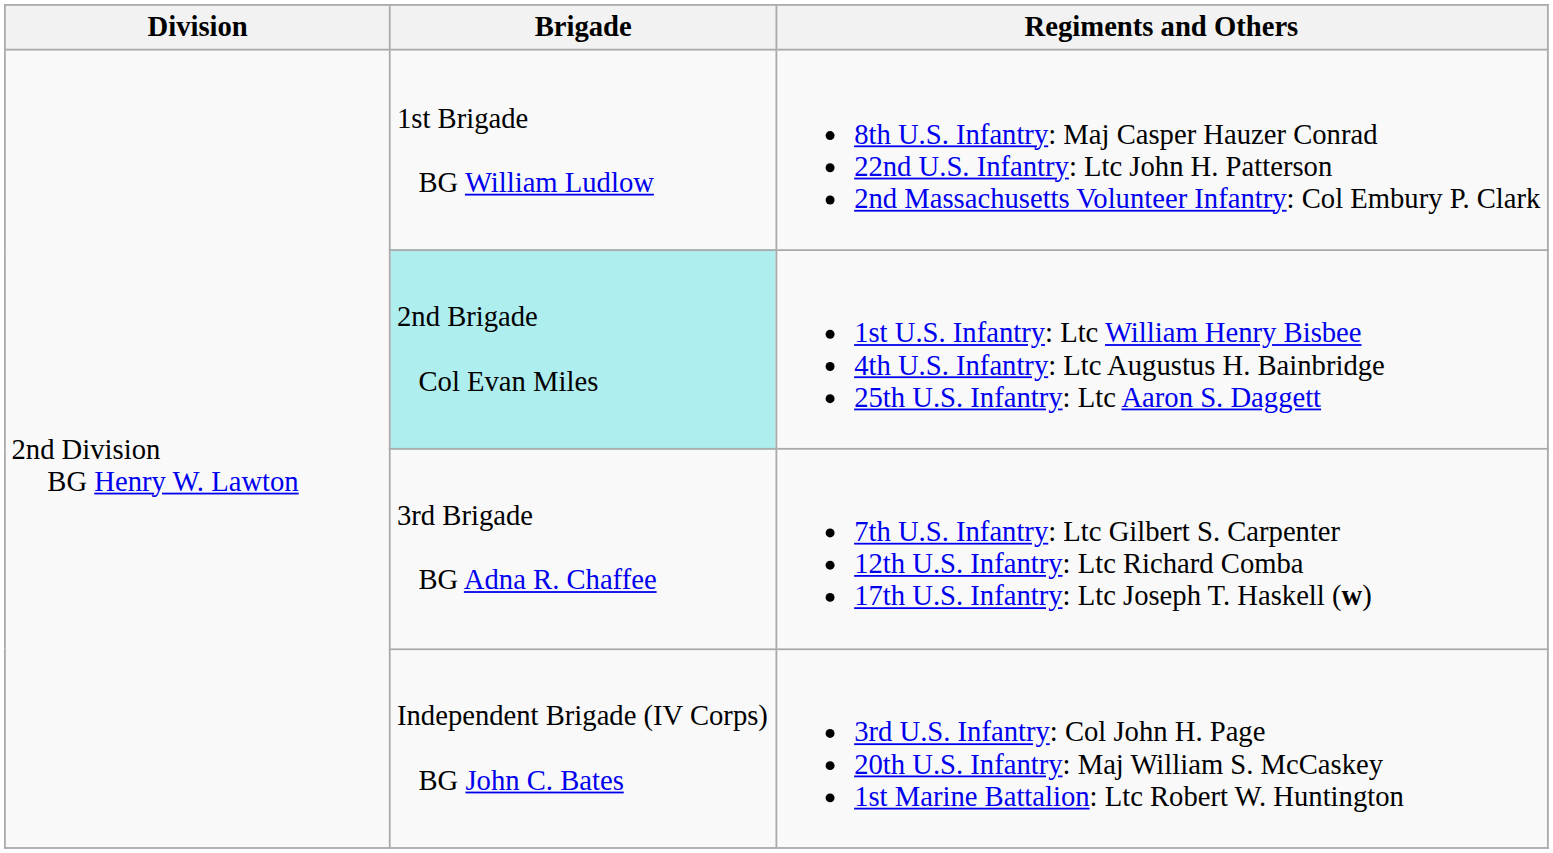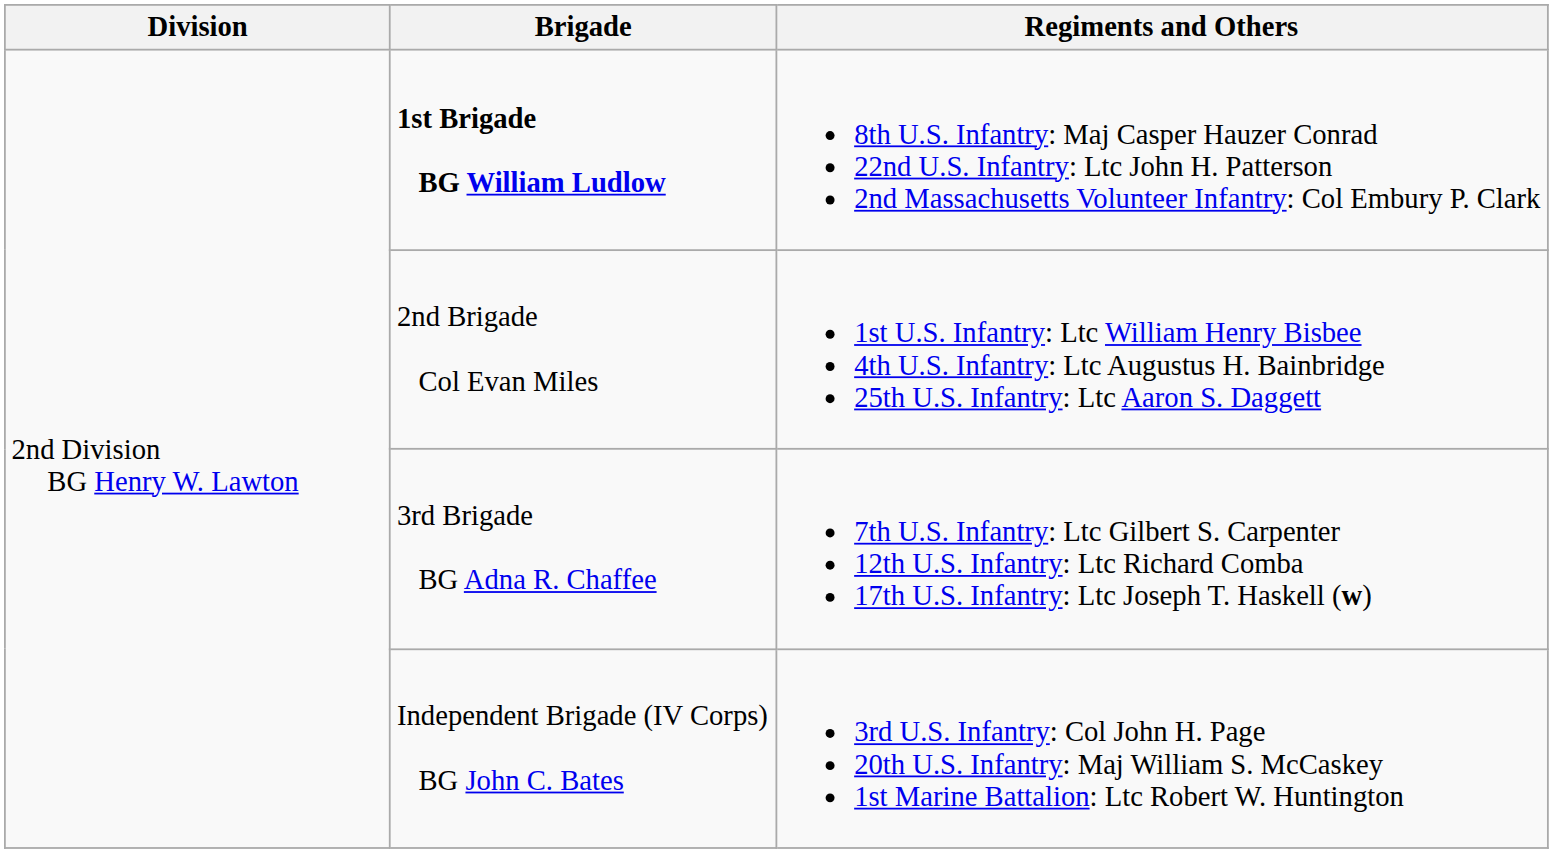 <table class="wikitable">
 <tr>
 <th width=25%>Division</th>
 <th width=25%>Brigade</th>
 <th>Regiments and Others</th>
 </tr>
 <tr>
 <td rowspan=4><br>2nd Division <br>     BG <a href='#'>Henry W. Lawton</a></td>
-<td>1st Brigade<br><br>   BG <a href='#'>William Ludlow</a></td>
+<td><strong>1st Brigade<br><br>   BG <a href='#'>William Ludlow</a></strong></td>
 <td><br><ul><li><a href='#'>8th U.S. Infantry</a>: Maj Casper Hauzer Conrad</li><li><a href='#'>22nd U.S. Infantry</a>: Ltc John H. Patterson</li><li><a href='#'>2nd Massachusetts Volunteer Infantry</a>: Col Embury P. Clark</li></ul></td>
 </tr>
 <tr>
-<td style="background: paleturquoise;">2nd Brigade<br><br>   Col Evan Miles</td>
+<td>2nd Brigade<br><br>   Col Evan Miles</td>
 <td><br><ul><li><a href='#'>1st U.S. Infantry</a>: Ltc <a href='#'>William Henry Bisbee</a></li><li><a href='#'>4th U.S. Infantry</a>: Ltc Augustus H. Bainbridge</li><li><a href='#'>25th U.S. Infantry</a>: Ltc <a href='#'>Aaron S. Daggett</a></li></ul></td>
 </tr>
 <tr>
 <td>3rd Brigade<br><br>   BG <a href='#'>Adna R. Chaffee</a></td>
 <td><br><ul><li><a href='#'>7th U.S. Infantry</a>: Ltc Gilbert S. Carpenter</li><li><a href='#'>12th U.S. Infantry</a>: Ltc Richard Comba</li><li><a href='#'>17th U.S. Infantry</a>: Ltc Joseph T. Haskell (<strong>w</strong>)</li></ul></td>
 </tr>
 <tr>
 <td>Independent Brigade (IV Corps)<br><br>   BG <a href='#'>John C. Bates</a></td>
 <td><br><ul><li><a href='#'>3rd U.S. Infantry</a>: Col John H. Page</li><li><a href='#'>20th U.S. Infantry</a>: Maj William S. McCaskey</li><li><a href='#'>1st Marine Battalion</a>: Ltc Robert W. Huntington</li></ul></td>
 </tr>
 </table>
